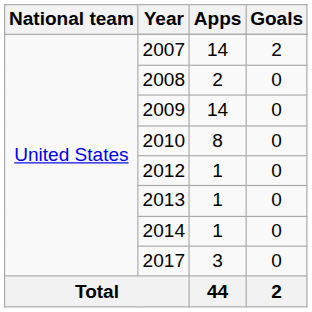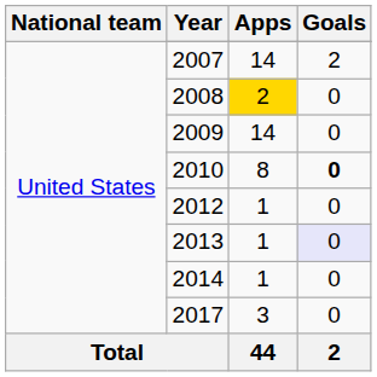 <table class="wikitable" style="text-align: center">
 <tr>
 <th>National team</th>
 <th>Year</th>
 <th>Apps</th>
 <th>Goals</th>
 </tr>
 <tr>
 <td rowspan="9"><a href='#'>United States</a></td>
 </tr>
 <tr>
 <td>2007</td>
 <td>14</td>
 <td>2</td>
 </tr>
 <tr>
 <td>2008</td>
-<td>2</td>
+<td style="background: gold;">2</td>
 <td>0</td>
 </tr>
 <tr>
 <td>2009</td>
 <td>14</td>
 <td>0</td>
 </tr>
 <tr>
 <td>2010</td>
 <td>8</td>
-<td>0</td>
+<td><strong>0</strong></td>
 </tr>
 <tr>
 <td>2012</td>
 <td>1</td>
 <td>0</td>
 </tr>
 <tr>
 <td>2013</td>
 <td>1</td>
-<td>0</td>
+<td style="background: lavender;">0</td>
 </tr>
 <tr>
 <td>2014</td>
 <td>1</td>
 <td>0</td>
 </tr>
 <tr>
 <td>2017</td>
 <td>3</td>
 <td>0</td>
 </tr>
 <tr>
 <th colspan="2">Total</th>
 <th>44</th>
 <th>2</th>
 </tr>
 </table>
